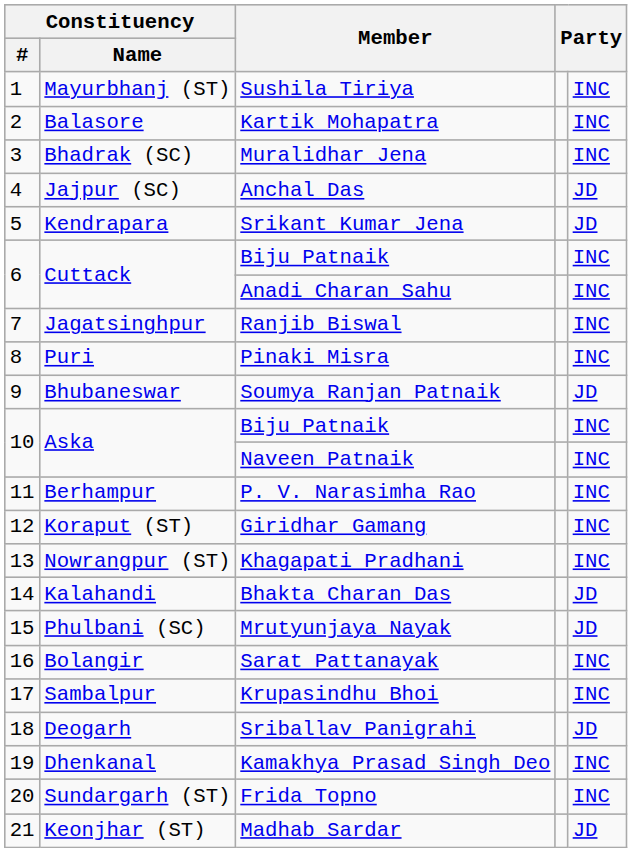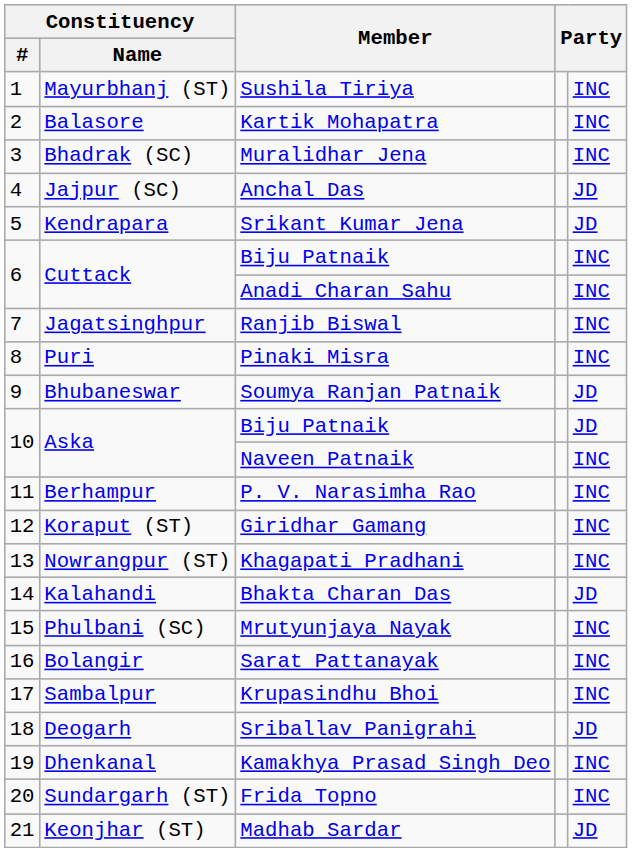 <table class="wikitable sortable">
 <tr>
 <th colspan="2">Constituency</th>
 <th rowspan="2">Member</th>
 <th colspan="2" rowspan="2">Party</th>
 </tr>
 <tr>
 <th>#</th>
 <th>Name</th>
 </tr>
 <tr>
 <td>1</td>
 <td><a href='#'>Mayurbhanj</a> (ST)</td>
 <td><a href='#'>Sushila Tiriya</a></td>
 <td style="background-color: "></td>
 <td><a href='#'>INC</a></td>
 </tr>
 <tr>
 <td>2</td>
 <td><a href='#'>Balasore</a></td>
 <td><a href='#'>Kartik Mohapatra</a></td>
 <td style="background-color: "></td>
 <td><a href='#'>INC</a></td>
 </tr>
 <tr>
 <td>3</td>
 <td><a href='#'>Bhadrak</a> (SC)</td>
 <td><a href='#'>Muralidhar Jena</a></td>
 <td style="background-color: "></td>
 <td><a href='#'>INC</a></td>
 </tr>
 <tr>
 <td>4</td>
 <td><a href='#'>Jajpur</a> (SC)</td>
 <td><a href='#'>Anchal Das</a></td>
 <td style="background-color: "></td>
 <td><a href='#'>JD</a></td>
 </tr>
 <tr>
 <td>5</td>
 <td><a href='#'>Kendrapara</a></td>
 <td><a href='#'>Srikant Kumar Jena</a></td>
 <td style="background-color: "></td>
 <td><a href='#'>JD</a></td>
 </tr>
 <tr>
 <td rowspan="2">6</td>
 <td rowspan="2"><a href='#'>Cuttack</a></td>
 <td><a href='#'>Biju Patnaik</a></td>
 <td style="background-color: "></td>
 <td><a href='#'>INC</a></td>
 </tr>
 <tr>
 <td><a href='#'>Anadi Charan Sahu</a></td>
 <td style="background-color: "></td>
 <td><a href='#'>INC</a></td>
 </tr>
 <tr>
 <td>7</td>
 <td><a href='#'>Jagatsinghpur</a></td>
 <td><a href='#'>Ranjib Biswal</a></td>
 <td style="background-color: "></td>
 <td><a href='#'>INC</a></td>
 </tr>
 <tr>
 <td>8</td>
 <td><a href='#'>Puri</a></td>
 <td><a href='#'>Pinaki Misra</a></td>
 <td style="background-color: "></td>
 <td><a href='#'>INC</a></td>
 </tr>
 <tr>
 <td>9</td>
 <td><a href='#'>Bhubaneswar</a></td>
 <td><a href='#'>Soumya Ranjan Patnaik</a></td>
 <td style="background-color: "></td>
 <td><a href='#'>JD</a></td>
 </tr>
 <tr>
 <td rowspan="2">10</td>
 <td rowspan="2"><a href='#'>Aska</a></td>
 <td><a href='#'>Biju Patnaik</a></td>
 <td style="background-color: "></td>
-<td><a href='#'>INC</a></td>
+<td><a href='#'>JD</a></td>
 </tr>
 <tr>
 <td><a href='#'>Naveen Patnaik</a></td>
 <td style="background-color: "></td>
 <td><a href='#'>INC</a></td>
 </tr>
 <tr>
 <td>11</td>
 <td><a href='#'>Berhampur</a></td>
 <td><a href='#'>P. V. Narasimha Rao</a></td>
 <td style="background-color: "></td>
 <td><a href='#'>INC</a></td>
 </tr>
 <tr>
 <td>12</td>
 <td><a href='#'>Koraput</a> (ST)</td>
 <td><a href='#'>Giridhar Gamang</a></td>
 <td style="background-color: "></td>
 <td><a href='#'>INC</a></td>
 </tr>
 <tr>
 <td>13</td>
 <td><a href='#'>Nowrangpur</a> (ST)</td>
 <td><a href='#'>Khagapati Pradhani</a></td>
 <td style="background-color: "></td>
 <td><a href='#'>INC</a></td>
 </tr>
 <tr>
 <td>14</td>
 <td><a href='#'>Kalahandi</a></td>
 <td><a href='#'>Bhakta Charan Das</a></td>
 <td style="background-color: "></td>
 <td><a href='#'>JD</a></td>
 </tr>
 <tr>
 <td>15</td>
 <td><a href='#'>Phulbani</a> (SC)</td>
 <td><a href='#'>Mrutyunjaya Nayak</a></td>
 <td style="background-color: "></td>
-<td><a href='#'>JD</a></td>
+<td><a href='#'>INC</a></td>
 </tr>
 <tr>
 <td>16</td>
 <td><a href='#'>Bolangir</a></td>
 <td><a href='#'>Sarat Pattanayak</a></td>
 <td style="background-color: "></td>
 <td><a href='#'>INC</a></td>
 </tr>
 <tr>
 <td>17</td>
 <td><a href='#'>Sambalpur</a></td>
 <td><a href='#'>Krupasindhu Bhoi</a></td>
 <td style="background-color: "></td>
 <td><a href='#'>INC</a></td>
 </tr>
 <tr>
 <td>18</td>
 <td><a href='#'>Deogarh</a></td>
 <td><a href='#'>Sriballav Panigrahi</a></td>
 <td style="background-color: "></td>
 <td><a href='#'>JD</a></td>
 </tr>
 <tr>
 <td>19</td>
 <td><a href='#'>Dhenkanal</a></td>
 <td><a href='#'>Kamakhya Prasad Singh Deo</a></td>
 <td style="background-color: "></td>
 <td><a href='#'>INC</a></td>
 </tr>
 <tr>
 <td>20</td>
 <td><a href='#'>Sundargarh</a> (ST)</td>
 <td><a href='#'>Frida Topno</a></td>
 <td style="background-color: "></td>
 <td><a href='#'>INC</a></td>
 </tr>
 <tr>
 <td>21</td>
 <td><a href='#'>Keonjhar</a> (ST)</td>
 <td><a href='#'>Madhab Sardar</a></td>
 <td style="background-color: "></td>
 <td><a href='#'>JD</a></td>
 </tr>
 </table>
